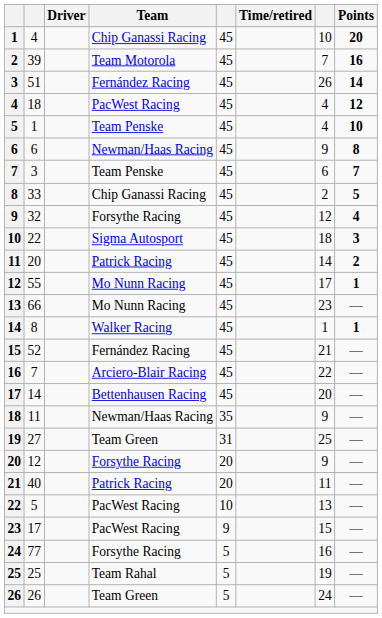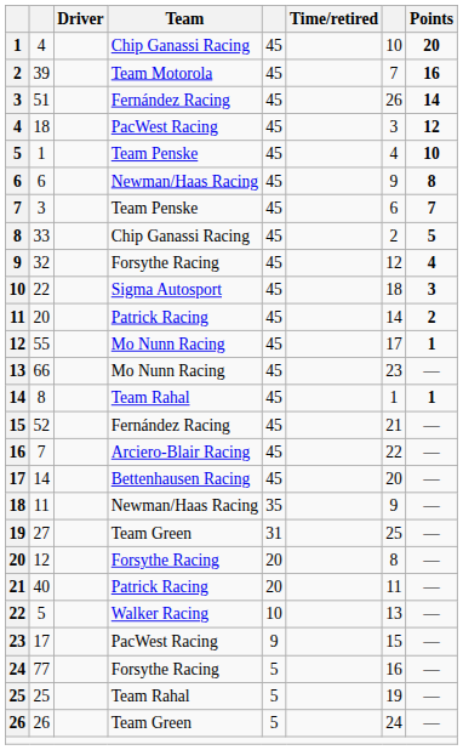 <table class="wikitable sortable" style="font-size:95%;">
 <tr>
 <th scope="col"></th>
 <th scope="col"></th>
 <th scope="col">Driver</th>
 <th scope="col">Team</th>
 <th scope="col"></th>
 <th scope="col">Time/retired</th>
 <th scope="col"></th>
 <th scope="col">Points</th>
 </tr>
 <tr>
 <th scope="row">1</th>
 <td align="center">4</td>
 <td></td>
 <td><a href='#'>Chip Ganassi Racing</a></td>
 <td align="center">45</td>
 <td align="center"></td>
 <td align="center">10</td>
 <td align="center"><strong>20</strong></td>
 </tr>
 <tr>
 <th scope="row">2</th>
 <td align="center">39</td>
 <td></td>
 <td><a href='#'>Team Motorola</a></td>
 <td align="center">45</td>
 <td align="center"></td>
 <td align="center">7</td>
 <td align="center"><strong>16</strong></td>
 </tr>
 <tr>
 <th scope="row">3</th>
 <td align="center">51</td>
 <td></td>
 <td><a href='#'>Fernández Racing</a></td>
 <td align="center">45</td>
 <td align="center"></td>
 <td align="center">26</td>
 <td align="center"><strong>14</strong></td>
 </tr>
 <tr>
 <th scope="row">4</th>
 <td align="center">18</td>
 <td></td>
 <td><a href='#'>PacWest Racing</a></td>
 <td align="center">45</td>
 <td align="center"></td>
-<td align="center">4</td>
+<td align="center">3</td>
 <td align="center"><strong>12</strong></td>
 </tr>
 <tr>
 <th scope="row">5</th>
 <td align="center">1</td>
 <td></td>
 <td><a href='#'>Team Penske</a></td>
 <td align="center">45</td>
 <td align="center"></td>
 <td align="center">4</td>
 <td align="center"><strong>10</strong></td>
 </tr>
 <tr>
 <th scope="row">6</th>
 <td align="center">6</td>
 <td></td>
 <td><a href='#'>Newman/Haas Racing</a></td>
 <td align="center">45</td>
 <td align="center"></td>
 <td align="center">9</td>
 <td align="center"><strong>8</strong></td>
 </tr>
 <tr>
 <th scope="row">7</th>
 <td align="center">3</td>
 <td></td>
 <td>Team Penske</td>
 <td align="center">45</td>
 <td align="center"></td>
 <td align="center">6</td>
 <td align="center"><strong>7</strong></td>
 </tr>
 <tr>
 <th scope="row">8</th>
 <td align="center">33</td>
 <td></td>
 <td>Chip Ganassi Racing</td>
 <td align="center">45</td>
 <td align="center"></td>
 <td align="center">2</td>
 <td align="center"><strong>5</strong></td>
 </tr>
 <tr>
 <th scope="row">9</th>
 <td align="center">32</td>
 <td></td>
 <td>Forsythe Racing</td>
 <td align="center">45</td>
 <td align="center"></td>
 <td align="center">12</td>
 <td align="center"><strong>4</strong></td>
 </tr>
 <tr>
 <th scope="row">10</th>
 <td align="center">22</td>
 <td></td>
 <td><a href='#'>Sigma Autosport</a></td>
 <td align="center">45</td>
 <td align="center"></td>
 <td align="center">18</td>
 <td align="center"><strong>3</strong></td>
 </tr>
 <tr>
 <th scope="row">11</th>
 <td align="center">20</td>
 <td></td>
 <td><a href='#'>Patrick Racing</a></td>
 <td align="center">45</td>
 <td align="center"></td>
 <td align="center">14</td>
 <td align="center"><strong>2</strong></td>
 </tr>
 <tr>
 <th scope="row">12</th>
 <td align="center">55</td>
 <td></td>
 <td><a href='#'>Mo Nunn Racing</a></td>
 <td align="center">45</td>
 <td align="center"></td>
 <td align="center">17</td>
 <td align="center"><strong>1</strong></td>
 </tr>
 <tr>
 <th scope="row">13</th>
 <td align="center">66</td>
 <td></td>
 <td>Mo Nunn Racing</td>
 <td align="center">45</td>
 <td align="center"></td>
 <td align="center">23</td>
 <td align="center">—</td>
 </tr>
 <tr>
 <th scope="row">14</th>
 <td align="center">8</td>
 <td></td>
-<td><a href='#'>Walker Racing</a></td>
+<td><a href='#'>Team Rahal</a></td>
 <td align="center">45</td>
 <td align="center"></td>
 <td align="center">1</td>
 <td align="center"><strong>1</strong></td>
 </tr>
 <tr>
 <th scope="row">15</th>
 <td align="center">52</td>
 <td></td>
 <td>Fernández Racing</td>
 <td align="center">45</td>
 <td align="center"></td>
 <td align="center">21</td>
 <td align="center">—</td>
 </tr>
 <tr>
 <th scope="row">16</th>
 <td align="center">7</td>
 <td></td>
 <td><a href='#'>Arciero-Blair Racing</a></td>
 <td align="center">45</td>
 <td align="center"></td>
 <td align="center">22</td>
 <td align="center">—</td>
 </tr>
 <tr>
 <th scope="row">17</th>
 <td align="center">14</td>
 <td></td>
 <td><a href='#'>Bettenhausen Racing</a></td>
 <td align="center">45</td>
 <td align="center"></td>
 <td align="center">20</td>
 <td align="center">—</td>
 </tr>
 <tr>
 <th scope="row">18</th>
 <td align="center">11</td>
 <td></td>
 <td>Newman/Haas Racing</td>
 <td align="center">35</td>
 <td align="center"></td>
 <td align="center">9</td>
 <td align="center">—</td>
 </tr>
 <tr>
 <th scope="row">19</th>
 <td align="center">27</td>
 <td></td>
 <td>Team Green</td>
 <td align="center">31</td>
 <td align="center"></td>
 <td align="center">25</td>
 <td align="center">—</td>
 </tr>
 <tr>
 <th scope="row">20</th>
 <td align="center">12</td>
 <td></td>
 <td><a href='#'>Forsythe Racing</a></td>
 <td align="center">20</td>
 <td align="center"></td>
-<td align="center">9</td>
+<td align="center">8</td>
 <td align="center">—</td>
 </tr>
 <tr>
 <th scope="row">21</th>
 <td align="center">40</td>
 <td></td>
 <td><a href='#'>Patrick Racing</a></td>
 <td align="center">20</td>
 <td align="center"></td>
 <td align="center">11</td>
 <td align="center">—</td>
 </tr>
 <tr>
 <th scope="row">22</th>
 <td align="center">5</td>
 <td></td>
-<td>PacWest Racing</td>
+<td><a href='#'>Walker Racing</a></td>
 <td align="center">10</td>
 <td align="center"></td>
 <td align="center">13</td>
 <td align="center">—</td>
 </tr>
 <tr>
 <th scope="row">23</th>
 <td align="center">17</td>
 <td></td>
 <td>PacWest Racing</td>
 <td align="center">9</td>
 <td align="center"></td>
 <td align="center">15</td>
 <td align="center">—</td>
 </tr>
 <tr>
 <th scope="row">24</th>
 <td align="center">77</td>
 <td></td>
 <td>Forsythe Racing</td>
 <td align="center">5</td>
 <td align="center"></td>
 <td align="center">16</td>
 <td align="center">—</td>
 </tr>
 <tr>
 <th scope="row">25</th>
 <td align="center">25</td>
 <td></td>
 <td>Team Rahal</td>
 <td align="center">5</td>
 <td align="center"></td>
 <td align="center">19</td>
 <td align="center">—</td>
 </tr>
 <tr>
 <th scope="row">26</th>
 <td align="center">26</td>
 <td></td>
 <td>Team Green</td>
 <td align="center">5</td>
 <td align="center"></td>
 <td align="center">24</td>
 <td align="center">—</td>
 </tr>
 <tr class="sortbottom">
 <td colspan="8"></td>
 </tr>
 </table>
